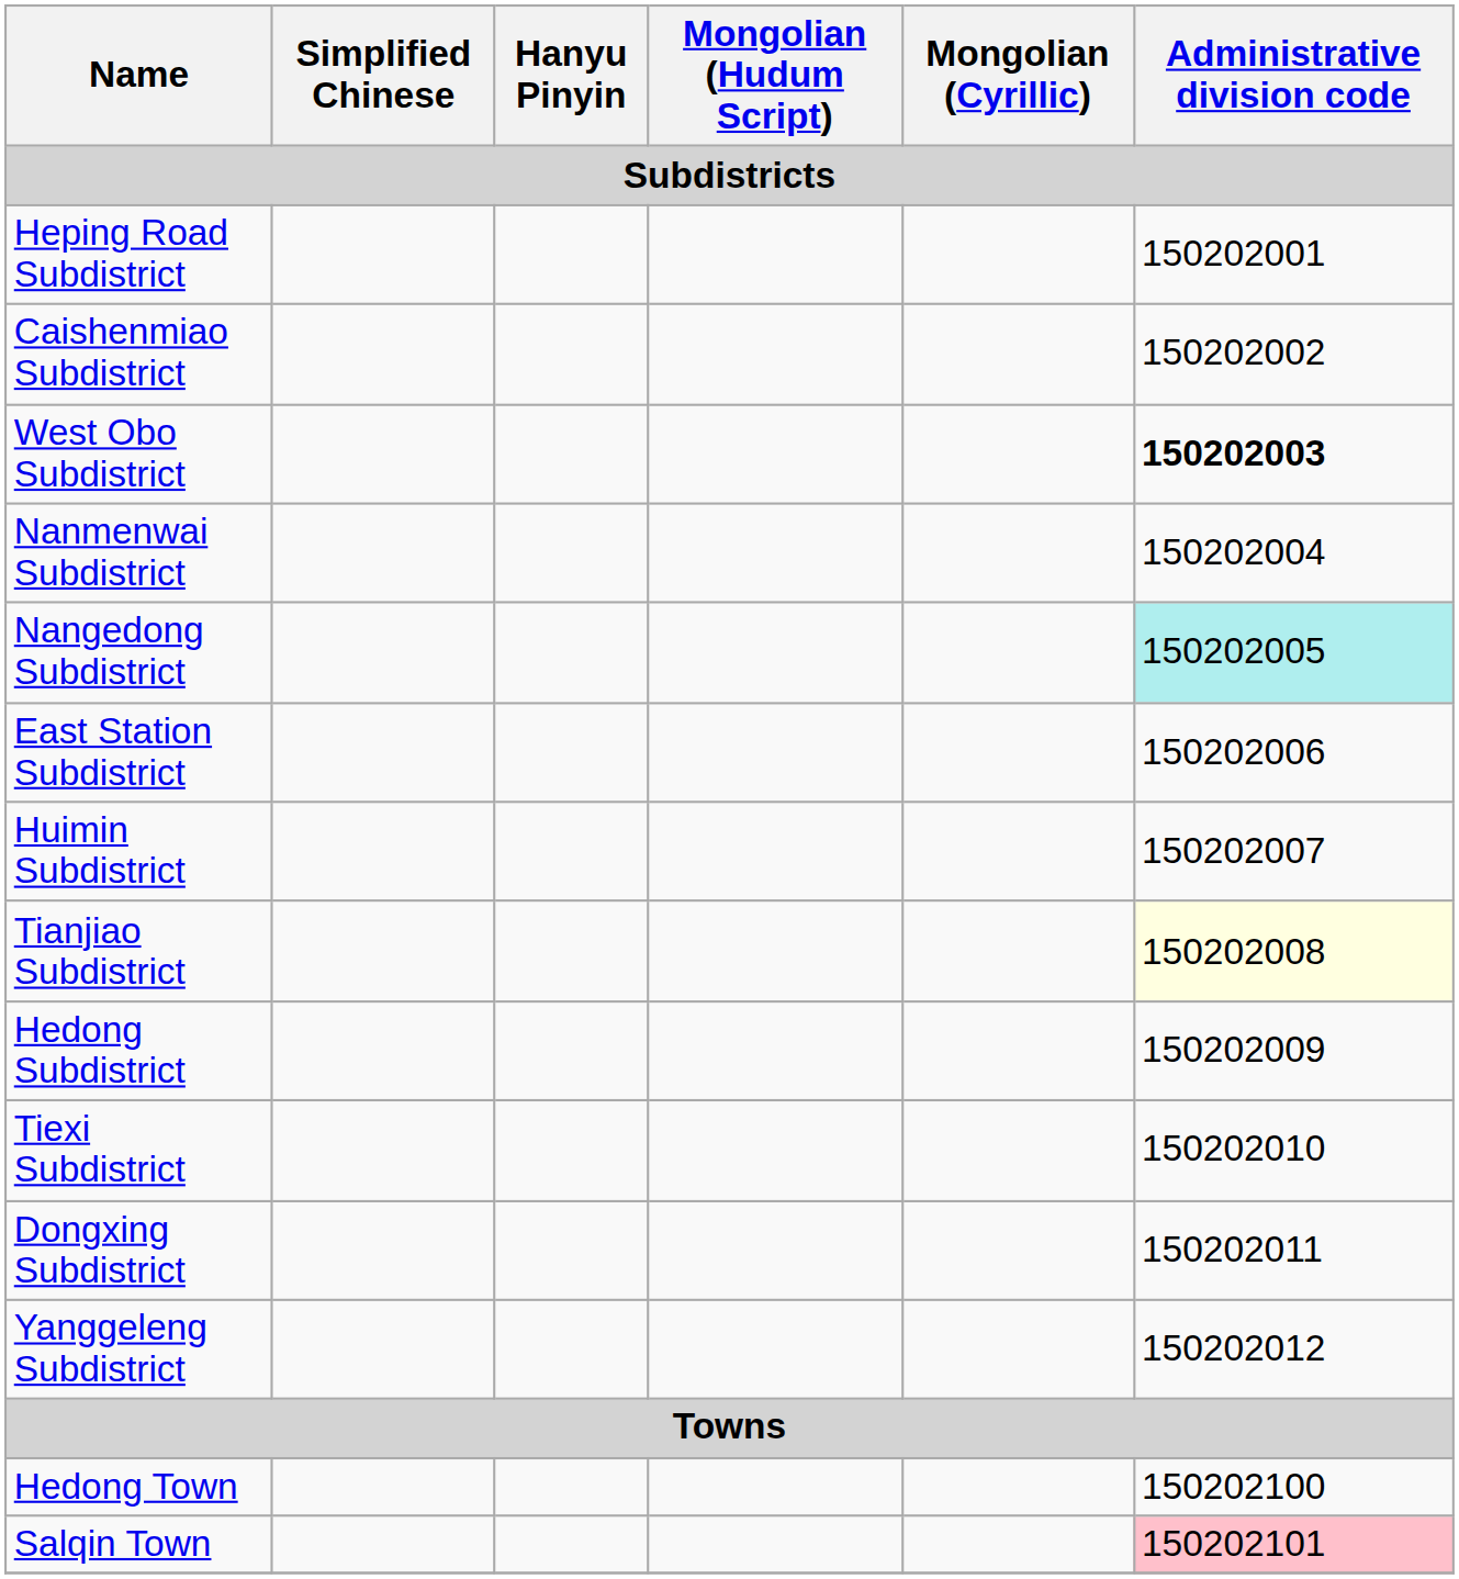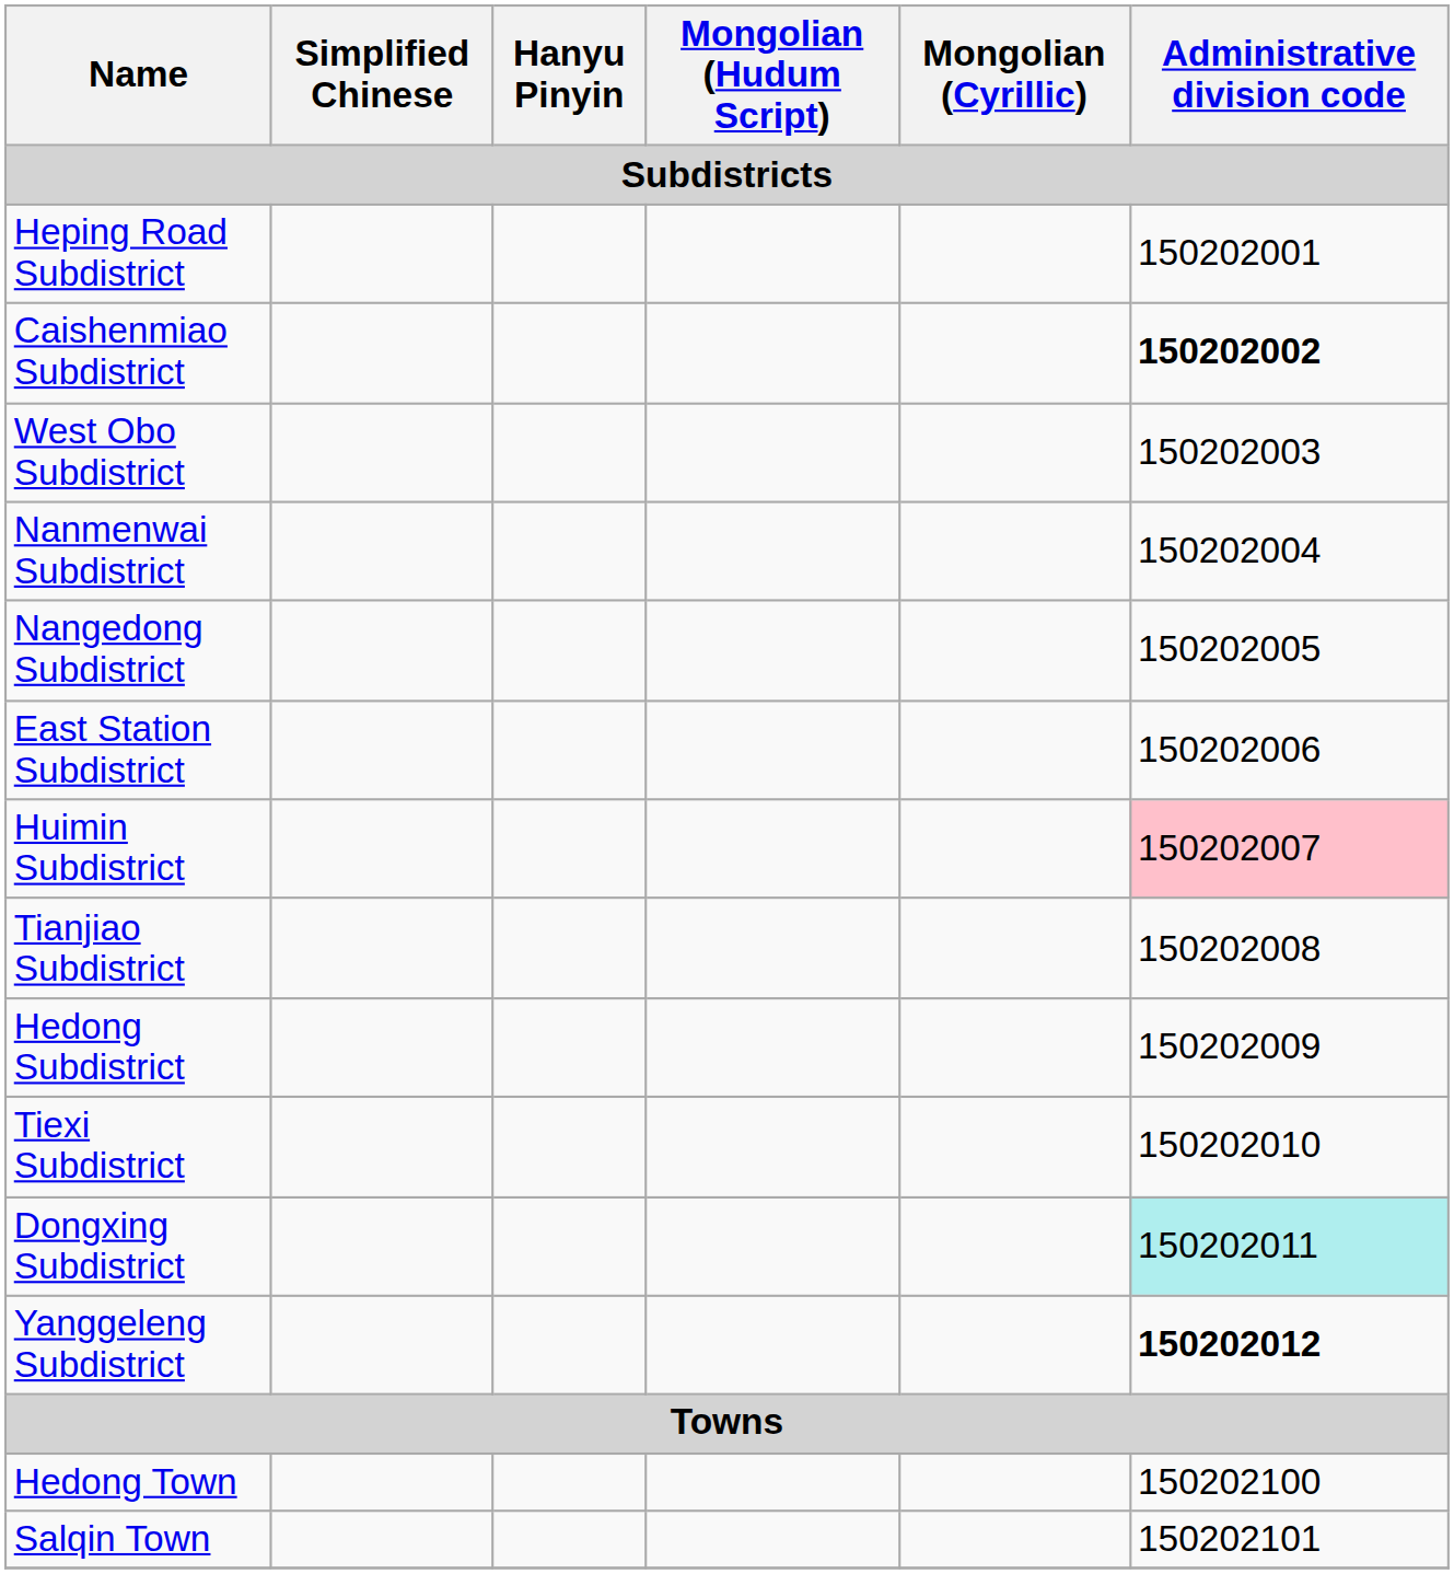 <table class="wikitable" align="center" style="width:50%; border="1">
 <tr>
 <th>Name</th>
 <th>Simplified Chinese</th>
 <th>Hanyu Pinyin</th>
 <th><a href='#'>Mongolian</a> (<a href='#'>Hudum Script</a>)</th>
 <th>Mongolian (<a href='#'>Cyrillic</a>)</th>
 <th><a href='#'>Administrative division code</a></th>
 </tr>
 <tr>
 <td colspan="6"  style="text-align:center; background:#d3d3d3;"><strong>Subdistricts</strong></td>
 </tr>
 <tr --------->
 <td><a href='#'>Heping Road Subdistrict</a></td>
 <td></td>
 <td></td>
 <td></td>
 <td></td>
 <td>150202001</td>
 </tr>
 <tr>
 <td><a href='#'>Caishenmiao Subdistrict</a></td>
 <td></td>
 <td></td>
 <td></td>
 <td></td>
-<td>150202002</td>
+<td><strong>150202002</strong></td>
 </tr>
 <tr>
 <td><a href='#'>West Obo Subdistrict</a></td>
 <td></td>
 <td></td>
 <td></td>
 <td></td>
-<td><strong>150202003</strong></td>
+<td>150202003</td>
 </tr>
 <tr>
 <td><a href='#'>Nanmenwai Subdistrict</a></td>
 <td></td>
 <td></td>
 <td></td>
 <td></td>
 <td>150202004</td>
 </tr>
 <tr>
 <td><a href='#'>Nangedong Subdistrict</a></td>
 <td></td>
 <td></td>
 <td></td>
 <td></td>
-<td style="background: paleturquoise;">150202005</td>
+<td>150202005</td>
 </tr>
 <tr>
 <td><a href='#'>East Station Subdistrict</a></td>
 <td></td>
 <td></td>
 <td></td>
 <td></td>
 <td>150202006</td>
 </tr>
 <tr>
 <td><a href='#'>Huimin Subdistrict</a></td>
 <td></td>
 <td></td>
 <td></td>
 <td></td>
-<td>150202007</td>
+<td style="background: pink;">150202007</td>
 </tr>
 <tr>
 <td><a href='#'>Tianjiao Subdistrict</a></td>
 <td></td>
 <td></td>
 <td></td>
 <td></td>
-<td style="background: lightyellow;">150202008</td>
+<td>150202008</td>
 </tr>
 <tr>
 <td><a href='#'>Hedong Subdistrict</a></td>
 <td></td>
 <td></td>
 <td></td>
 <td></td>
 <td>150202009</td>
 </tr>
 <tr>
 <td><a href='#'>Tiexi Subdistrict</a></td>
 <td></td>
 <td></td>
 <td></td>
 <td></td>
 <td>150202010</td>
 </tr>
 <tr>
 <td><a href='#'>Dongxing Subdistrict</a></td>
 <td></td>
 <td></td>
 <td></td>
 <td></td>
-<td>150202011</td>
+<td style="background: paleturquoise;">150202011</td>
 </tr>
 <tr>
 <td><a href='#'>Yanggeleng Subdistrict</a></td>
 <td></td>
 <td></td>
 <td></td>
 <td></td>
-<td>150202012</td>
+<td><strong>150202012</strong></td>
 </tr>
 <tr>
 <td colspan="6"  style="text-align:center; background:#d3d3d3;"><strong>Towns</strong></td>
 </tr>
 <tr --------->
 <td><a href='#'>Hedong Town</a></td>
 <td></td>
 <td></td>
 <td></td>
 <td></td>
 <td>150202100</td>
 </tr>
 <tr>
 <td><a href='#'>Salqin Town</a></td>
 <td></td>
 <td></td>
 <td></td>
 <td></td>
-<td style="background: pink;">150202101</td>
+<td>150202101</td>
 </tr>
 <tr>
 </tr>
 </table>
